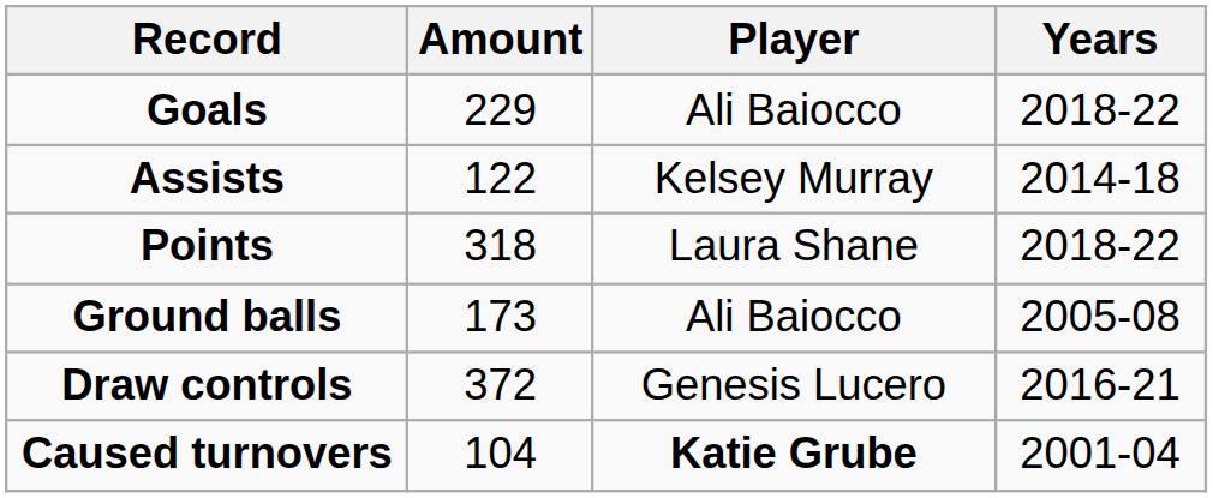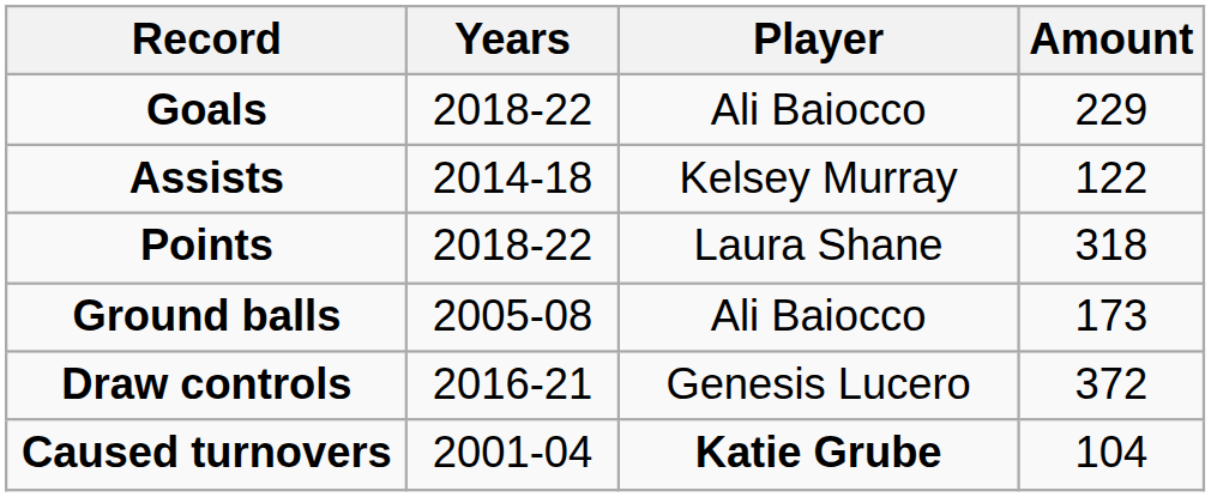 <table class="wikitable">
 <tr>
 <th style="width:140px; ">Record</th>
+<th style="width:70px; ">Years</th>
+<th style="width:140px; ">Player</th>
 <th style="width:35px; ">Amount</th>
-<th style="width:140px; ">Player</th>
-<th style="width:70px; ">Years</th>
 </tr>
 <tr style="text-align:center;">
 <td><strong>Goals</strong></td>
+<td>2018-22</td>
+<td>Ali Baiocco</td>
 <td>229</td>
-<td>Ali Baiocco</td>
-<td>2018-22</td>
 </tr>
 <tr style="text-align:center;">
 <td><strong>Assists</strong></td>
+<td>2014-18</td>
+<td>Kelsey Murray</td>
 <td>122</td>
-<td>Kelsey Murray</td>
-<td>2014-18</td>
 </tr>
 <tr style="text-align:center;">
 <td><strong>Points</strong></td>
+<td>2018-22</td>
+<td>Laura Shane</td>
 <td>318</td>
-<td>Laura Shane</td>
-<td>2018-22</td>
 </tr>
 <tr style="text-align:center;">
 <td><strong>Ground balls</strong></td>
+<td>2005-08</td>
+<td>Ali Baiocco</td>
 <td>173</td>
-<td>Ali Baiocco</td>
-<td>2005-08</td>
 </tr>
 <tr style="text-align:center;">
 <td><strong>Draw controls</strong></td>
+<td>2016-21</td>
+<td>Genesis Lucero</td>
 <td>372</td>
-<td>Genesis Lucero</td>
-<td>2016-21</td>
 </tr>
 <tr style="text-align:center;">
 <td><strong>Caused turnovers</strong></td>
+<td>2001-04</td>
+<td><strong>Katie Grube</strong></td>
 <td>104</td>
-<td><strong>Katie Grube</strong></td>
-<td>2001-04</td>
 </tr>
 </table>
